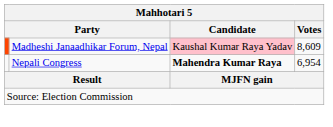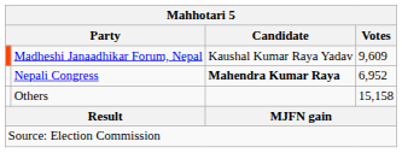 <table class="wikitable">
 <tr>
 <th colspan="4">Mahhotari 5</th>
 </tr>
 <tr>
 <th colspan="2">Party</th>
 <th>Candidate</th>
 <th>Votes</th>
 </tr>
 <tr>
 <td style="background-color:orangered"></td>
 <td><a href='#'>Madheshi Janaadhikar Forum, Nepal</a></td>
-<td style="background: pink;">Kaushal Kumar Raya Yadav</td>
-<td>8,609</td>
+<td>Kaushal Kumar Raya Yadav</td>
+<td>9,609</td>
 </tr>
 <tr>
 <td style="background-color:"></td>
 <td><a href='#'>Nepali Congress</a></td>
 <td><strong>Mahendra Kumar Raya</strong></td>
-<td>6,954</td>
+<td>6,952</td>
+</tr>
+<tr>
+<td></td>
+<td>Others</td>
+<td></td>
+<td>15,158</td>
 </tr>
 <tr>
 <th colspan="2">Result</th>
 <th colspan="2">MJFN gain</th>
 </tr>
 <tr>
 <td colspan="4">Source: Election Commission</td>
 </tr>
 </table>
